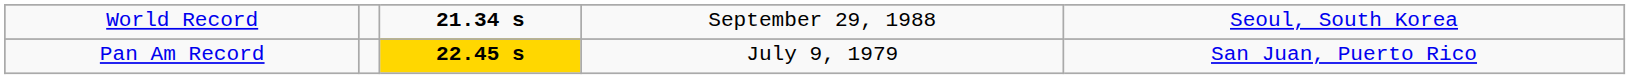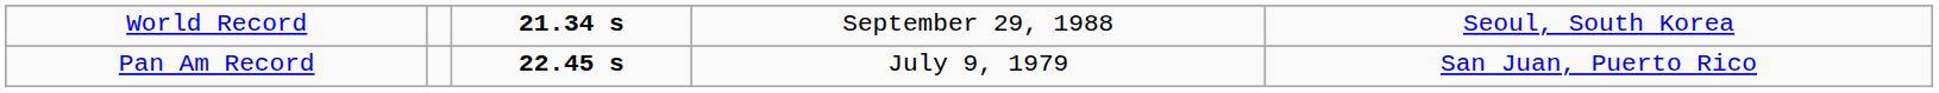 <table class="wikitable" style=" text-align:center; font-size:95%;" width="75%">
 <tr>
 <td><a href='#'>World Record</a></td>
 <td></td>
 <td><strong>21.34 s </strong></td>
 <td>September 29, 1988</td>
 <td> <a href='#'>Seoul, South Korea</a></td>
 </tr>
 <tr>
 <td><a href='#'>Pan Am Record</a></td>
 <td></td>
-<td style="background: gold;"><strong>22.45 s </strong></td>
+<td><strong>22.45 s </strong></td>
 <td>July 9, 1979</td>
 <td> <a href='#'>San Juan, Puerto Rico</a></td>
 </tr>
 </table>
